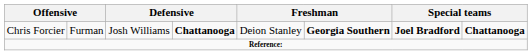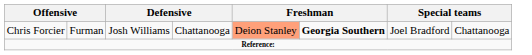 <table class="wikitable" border="1">
 <tr>
 <th colspan="2">Offensive</th>
 <th colspan="2">Defensive</th>
 <th colspan="2">Freshman</th>
 <th colspan="2">Special teams</th>
 </tr>
 <tr>
 <td>Chris Forcier</td>
 <td>Furman</td>
 <td>Josh Williams</td>
-<td><strong>Chattanooga</strong></td>
-<td>Deion Stanley</td>
+<td>Chattanooga</td>
+<td style="background: lightsalmon;">Deion Stanley</td>
 <td><strong>Georgia Southern</strong></td>
-<td><strong>Joel Bradford</strong></td>
-<td><strong>Chattanooga</strong></td>
+<td>Joel Bradford</td>
+<td>Chattanooga</td>
 </tr>
 <tr>
 <td colspan="8" style="font-size: 8pt" align="center"><strong>Reference:</strong></td>
 </tr>
 </table>
